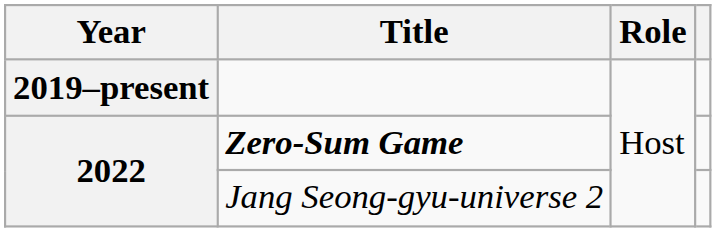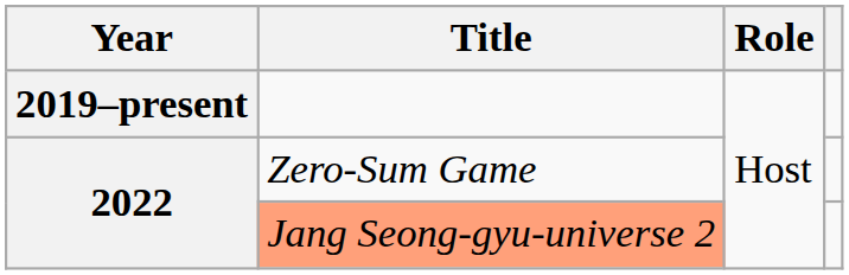 <table class="wikitable plainrowheaders">
 <tr>
 <th scope="col">Year</th>
 <th scope="col">Title</th>
 <th scope="col">Role</th>
 <th scope="col" class="unsortable"></th>
 </tr>
 <tr>
 <th scope="row">2019–present</th>
 <td><em></em></td>
 <td rowspan="3">Host</td>
 <td style="text-align:center"></td>
 </tr>
 <tr>
 <th scope="row" rowspan="2">2022</th>
-<td><strong><em>Zero-Sum Game</em></strong></td>
+<td><em>Zero-Sum Game</em></td>
 <td style="text-align:center"></td>
 </tr>
 <tr>
-<td><em>Jang Seong-gyu-universe 2</em></td>
+<td style="background: lightsalmon;"><em>Jang Seong-gyu-universe 2</em></td>
 <td style="text-align:center"></td>
 </tr>
 </table>
